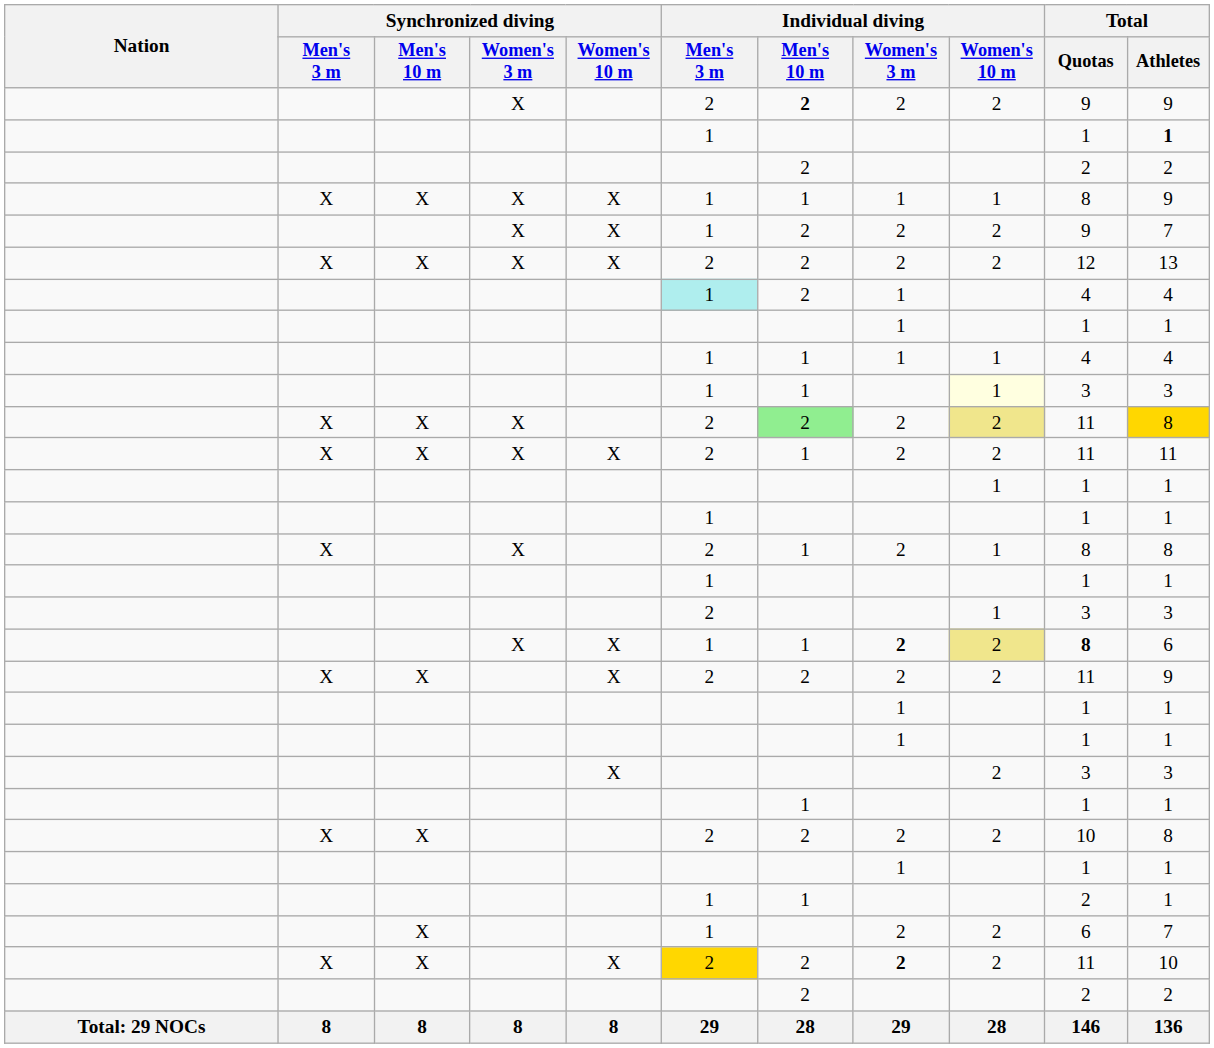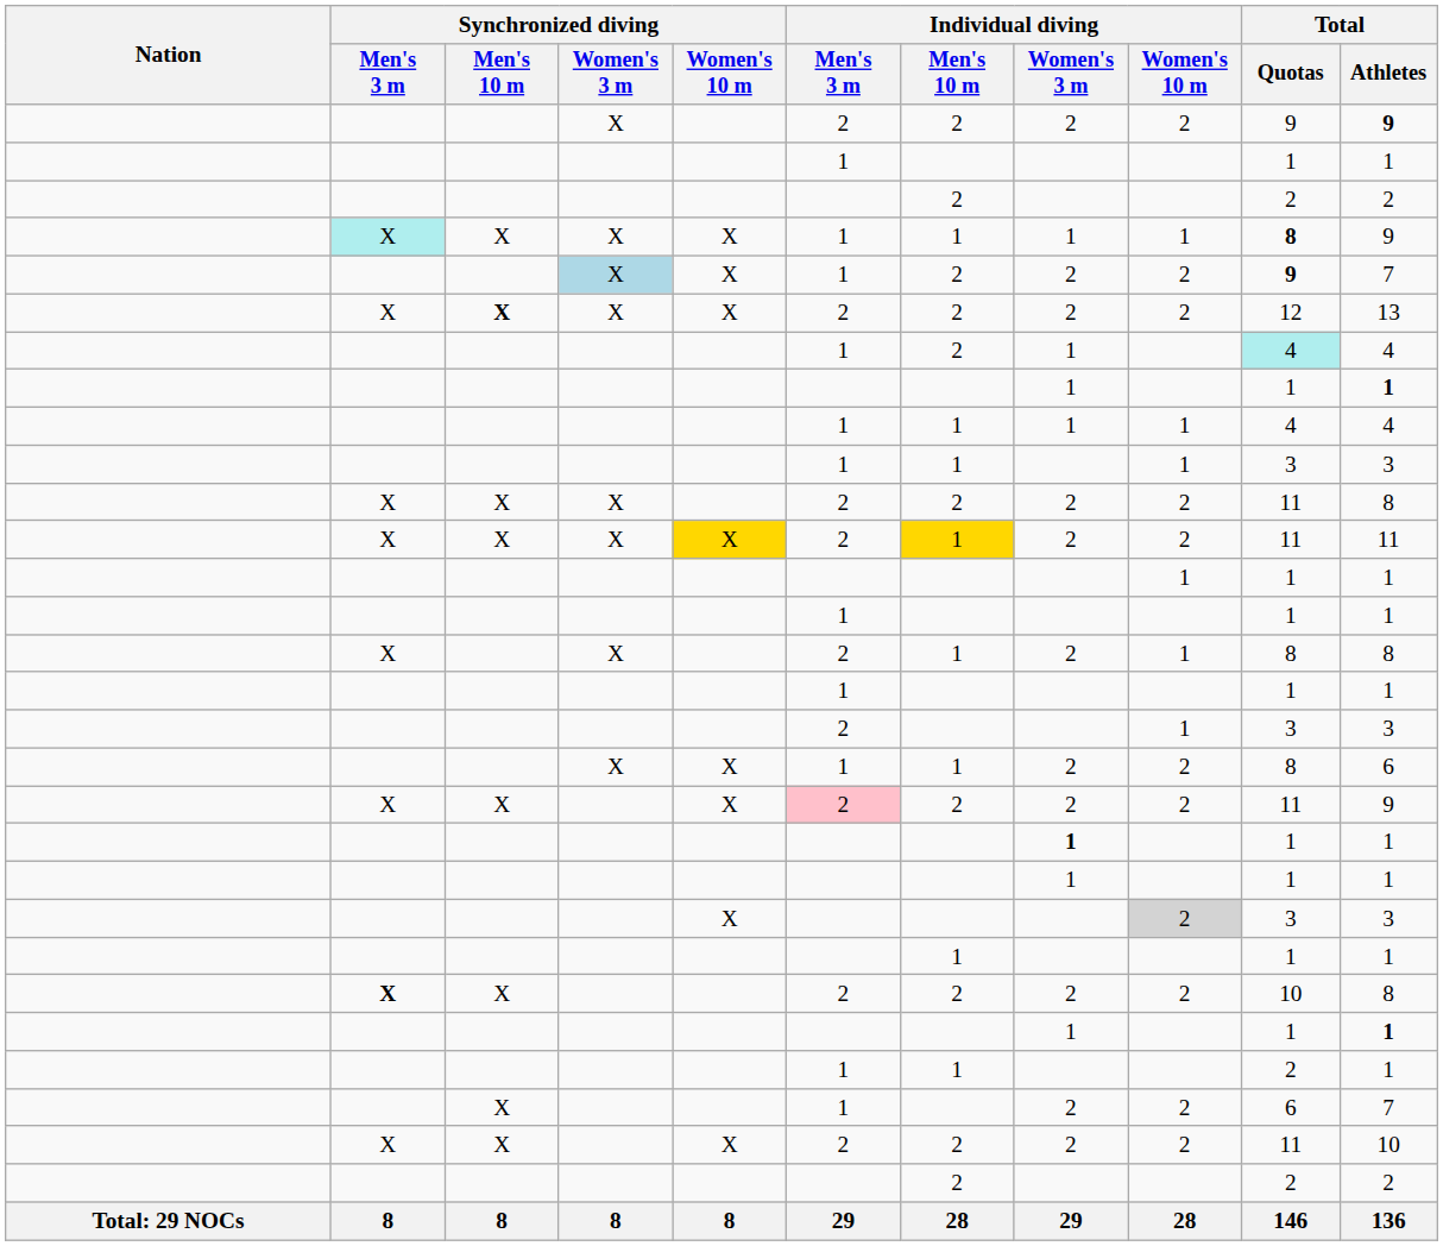 <table class="wikitable" width=900 style="text-align:center; font-size:90%">
 <tr>
 <th rowspan="2" style="text-align:center;">Nation</th>
 <th colspan="4">Synchronized diving</th>
 <th colspan="4">Individual diving</th>
 <th colspan=2>Total</th>
 </tr>
 <tr style="font-size:95%">
 <th width=65><a href='#'>Men's<br>3 m</a></th>
 <th width=65><a href='#'>Men's<br>10 m</a></th>
 <th width=65><a href='#'>Women's<br>3 m</a></th>
 <th width=65><a href='#'>Women's<br>10 m</a></th>
 <th width=65><a href='#'>Men's<br>3 m</a></th>
 <th width=65><a href='#'>Men's<br>10 m</a></th>
 <th width=65><a href='#'>Women's<br>3 m</a></th>
 <th width=65><a href='#'>Women's<br>10 m</a></th>
 <th width=55>Quotas</th>
 <th width=55>Athletes</th>
 </tr>
 <tr>
 <td style="text-align:left;"></td>
 <td></td>
 <td></td>
 <td>X</td>
 <td></td>
 <td>2</td>
-<td><strong>2</strong></td>
+<td>2</td>
 <td>2</td>
 <td>2</td>
 <td>9</td>
-<td>9</td>
+<td><strong>9</strong></td>
 </tr>
 <tr>
 <td style="text-align:left;"></td>
 <td></td>
 <td></td>
 <td></td>
 <td></td>
 <td>1</td>
 <td></td>
 <td></td>
 <td></td>
 <td>1</td>
-<td><strong>1</strong></td>
+<td>1</td>
 </tr>
 <tr>
 <td style="text-align:left;"></td>
 <td></td>
 <td></td>
 <td></td>
 <td></td>
 <td></td>
 <td>2</td>
 <td></td>
 <td></td>
 <td>2</td>
 <td>2</td>
 </tr>
 <tr>
 <td style="text-align:left;"></td>
-<td>X</td>
+<td style="background: paleturquoise;">X</td>
 <td>X</td>
 <td>X</td>
 <td>X</td>
 <td>1</td>
 <td>1</td>
 <td>1</td>
 <td>1</td>
-<td>8</td>
+<td><strong>8</strong></td>
 <td>9</td>
 </tr>
 <tr>
 <td style="text-align:left;"></td>
 <td></td>
 <td></td>
-<td>X</td>
+<td style="background: lightblue;">X</td>
 <td>X</td>
 <td>1</td>
 <td>2</td>
 <td>2</td>
 <td>2</td>
-<td>9</td>
+<td><strong>9</strong></td>
 <td>7</td>
 </tr>
 <tr>
 <td style="text-align:left;"></td>
 <td>X</td>
-<td>X</td>
+<td><strong>X</strong></td>
 <td>X</td>
 <td>X</td>
 <td>2</td>
 <td>2</td>
 <td>2</td>
 <td>2</td>
 <td>12</td>
 <td>13</td>
 </tr>
 <tr>
 <td style="text-align:left;"></td>
 <td></td>
 <td></td>
 <td></td>
 <td></td>
-<td style="background: paleturquoise;">1</td>
+<td>1</td>
 <td>2</td>
 <td>1</td>
 <td></td>
-<td>4</td>
+<td style="background: paleturquoise;">4</td>
 <td>4</td>
 </tr>
 <tr>
 <td style="text-align:left;"></td>
 <td></td>
 <td></td>
 <td></td>
 <td></td>
 <td></td>
 <td></td>
 <td>1</td>
 <td></td>
 <td>1</td>
-<td>1</td>
+<td><strong>1</strong></td>
 </tr>
 <tr>
 <td style="text-align:left;"></td>
 <td></td>
 <td></td>
 <td></td>
 <td></td>
 <td>1</td>
 <td>1</td>
 <td>1</td>
 <td>1</td>
 <td>4</td>
 <td>4</td>
 </tr>
 <tr>
 <td style="text-align:left;"></td>
 <td></td>
 <td></td>
 <td></td>
 <td></td>
 <td>1</td>
 <td>1</td>
 <td></td>
-<td style="background: lightyellow;">1</td>
+<td>1</td>
 <td>3</td>
 <td>3</td>
 </tr>
 <tr>
 <td style="text-align:left;"></td>
 <td>X</td>
 <td>X</td>
 <td>X</td>
 <td></td>
 <td>2</td>
-<td style="background: lightgreen;">2</td>
 <td>2</td>
-<td style="background: khaki;">2</td>
+<td>2</td>
+<td>2</td>
 <td>11</td>
-<td style="background: gold;">8</td>
+<td>8</td>
 </tr>
 <tr>
 <td style="text-align:left;"></td>
 <td>X</td>
 <td>X</td>
 <td>X</td>
-<td>X</td>
+<td style="background: gold;">X</td>
 <td>2</td>
-<td>1</td>
+<td style="background: gold;">1</td>
 <td>2</td>
 <td>2</td>
 <td>11</td>
 <td>11</td>
 </tr>
 <tr>
 <td style="text-align:left;"></td>
 <td></td>
 <td></td>
 <td></td>
 <td></td>
 <td></td>
 <td></td>
 <td></td>
 <td>1</td>
 <td>1</td>
 <td>1</td>
 </tr>
 <tr>
 <td style="text-align:left;"></td>
 <td></td>
 <td></td>
 <td></td>
 <td></td>
 <td>1</td>
 <td></td>
 <td></td>
 <td></td>
 <td>1</td>
 <td>1</td>
 </tr>
 <tr>
 <td style="text-align:left;"></td>
 <td>X</td>
 <td></td>
 <td>X</td>
 <td></td>
 <td>2</td>
 <td>1</td>
 <td>2</td>
 <td>1</td>
 <td>8</td>
 <td>8</td>
 </tr>
 <tr>
 <td style="text-align:left;"></td>
 <td></td>
 <td></td>
 <td></td>
 <td></td>
 <td>1</td>
 <td></td>
 <td></td>
 <td></td>
 <td>1</td>
 <td>1</td>
 </tr>
 <tr>
 <td style="text-align:left;"></td>
 <td></td>
 <td></td>
 <td></td>
 <td></td>
 <td>2</td>
 <td></td>
 <td></td>
 <td>1</td>
 <td>3</td>
 <td>3</td>
 </tr>
 <tr>
 <td style="text-align:left;"></td>
 <td></td>
 <td></td>
 <td>X</td>
 <td>X</td>
 <td>1</td>
 <td>1</td>
-<td><strong>2</strong></td>
-<td style="background: khaki;">2</td>
-<td><strong>8</strong></td>
+<td>2</td>
+<td>2</td>
+<td>8</td>
 <td>6</td>
 </tr>
 <tr>
 <td style="text-align:left;"></td>
 <td>X</td>
 <td>X</td>
 <td></td>
 <td>X</td>
-<td>2</td>
+<td style="background: pink;">2</td>
 <td>2</td>
 <td>2</td>
 <td>2</td>
 <td>11</td>
 <td>9</td>
 </tr>
 <tr>
 <td style="text-align:left;"></td>
 <td></td>
 <td></td>
 <td></td>
 <td></td>
 <td></td>
 <td></td>
-<td>1</td>
+<td><strong>1</strong></td>
 <td></td>
 <td>1</td>
 <td>1</td>
 </tr>
 <tr>
 <td style="text-align:left;"></td>
 <td></td>
 <td></td>
 <td></td>
 <td></td>
 <td></td>
 <td></td>
 <td>1</td>
 <td></td>
 <td>1</td>
 <td>1</td>
 </tr>
 <tr>
 <td style="text-align:left;"></td>
 <td></td>
 <td></td>
 <td></td>
 <td>X</td>
 <td></td>
 <td></td>
 <td></td>
-<td>2</td>
+<td style="background: lightgrey;">2</td>
 <td>3</td>
 <td>3</td>
 </tr>
 <tr>
 <td style="text-align:left;"></td>
 <td></td>
 <td></td>
 <td></td>
 <td></td>
 <td></td>
 <td>1</td>
 <td></td>
 <td></td>
 <td>1</td>
 <td>1</td>
 </tr>
 <tr>
 <td style="text-align:left;"></td>
-<td>X</td>
+<td><strong>X</strong></td>
 <td>X</td>
 <td></td>
 <td></td>
 <td>2</td>
 <td>2</td>
 <td>2</td>
 <td>2</td>
 <td>10</td>
 <td>8</td>
 </tr>
 <tr>
 <td style="text-align:left;"></td>
 <td></td>
 <td></td>
 <td></td>
 <td></td>
 <td></td>
 <td></td>
 <td>1</td>
 <td></td>
 <td>1</td>
-<td>1</td>
+<td><strong>1</strong></td>
 </tr>
 <tr>
 <td style="text-align:left;"></td>
 <td></td>
 <td></td>
 <td></td>
 <td></td>
 <td>1</td>
 <td>1</td>
 <td></td>
 <td></td>
 <td>2</td>
 <td>1</td>
 </tr>
 <tr>
 <td style="text-align:left;"></td>
 <td></td>
 <td>X</td>
 <td></td>
 <td></td>
 <td>1</td>
 <td></td>
 <td>2</td>
 <td>2</td>
 <td>6</td>
 <td>7</td>
 </tr>
 <tr>
 <td style="text-align:left;"></td>
 <td>X</td>
 <td>X</td>
 <td></td>
 <td>X</td>
-<td style="background: gold;">2</td>
 <td>2</td>
-<td><strong>2</strong></td>
+<td>2</td>
+<td>2</td>
 <td>2</td>
 <td>11</td>
 <td>10</td>
 </tr>
 <tr>
 <td style="text-align:left;"></td>
 <td></td>
 <td></td>
 <td></td>
 <td></td>
 <td></td>
 <td>2</td>
 <td></td>
 <td></td>
 <td>2</td>
 <td>2</td>
 </tr>
 <tr>
 <th>Total: 29 NOCs</th>
 <th>8</th>
 <th>8</th>
 <th>8</th>
 <th>8</th>
 <th>29</th>
 <th>28</th>
 <th>29</th>
 <th>28</th>
 <th>146</th>
 <th>136</th>
 </tr>
 </table>
